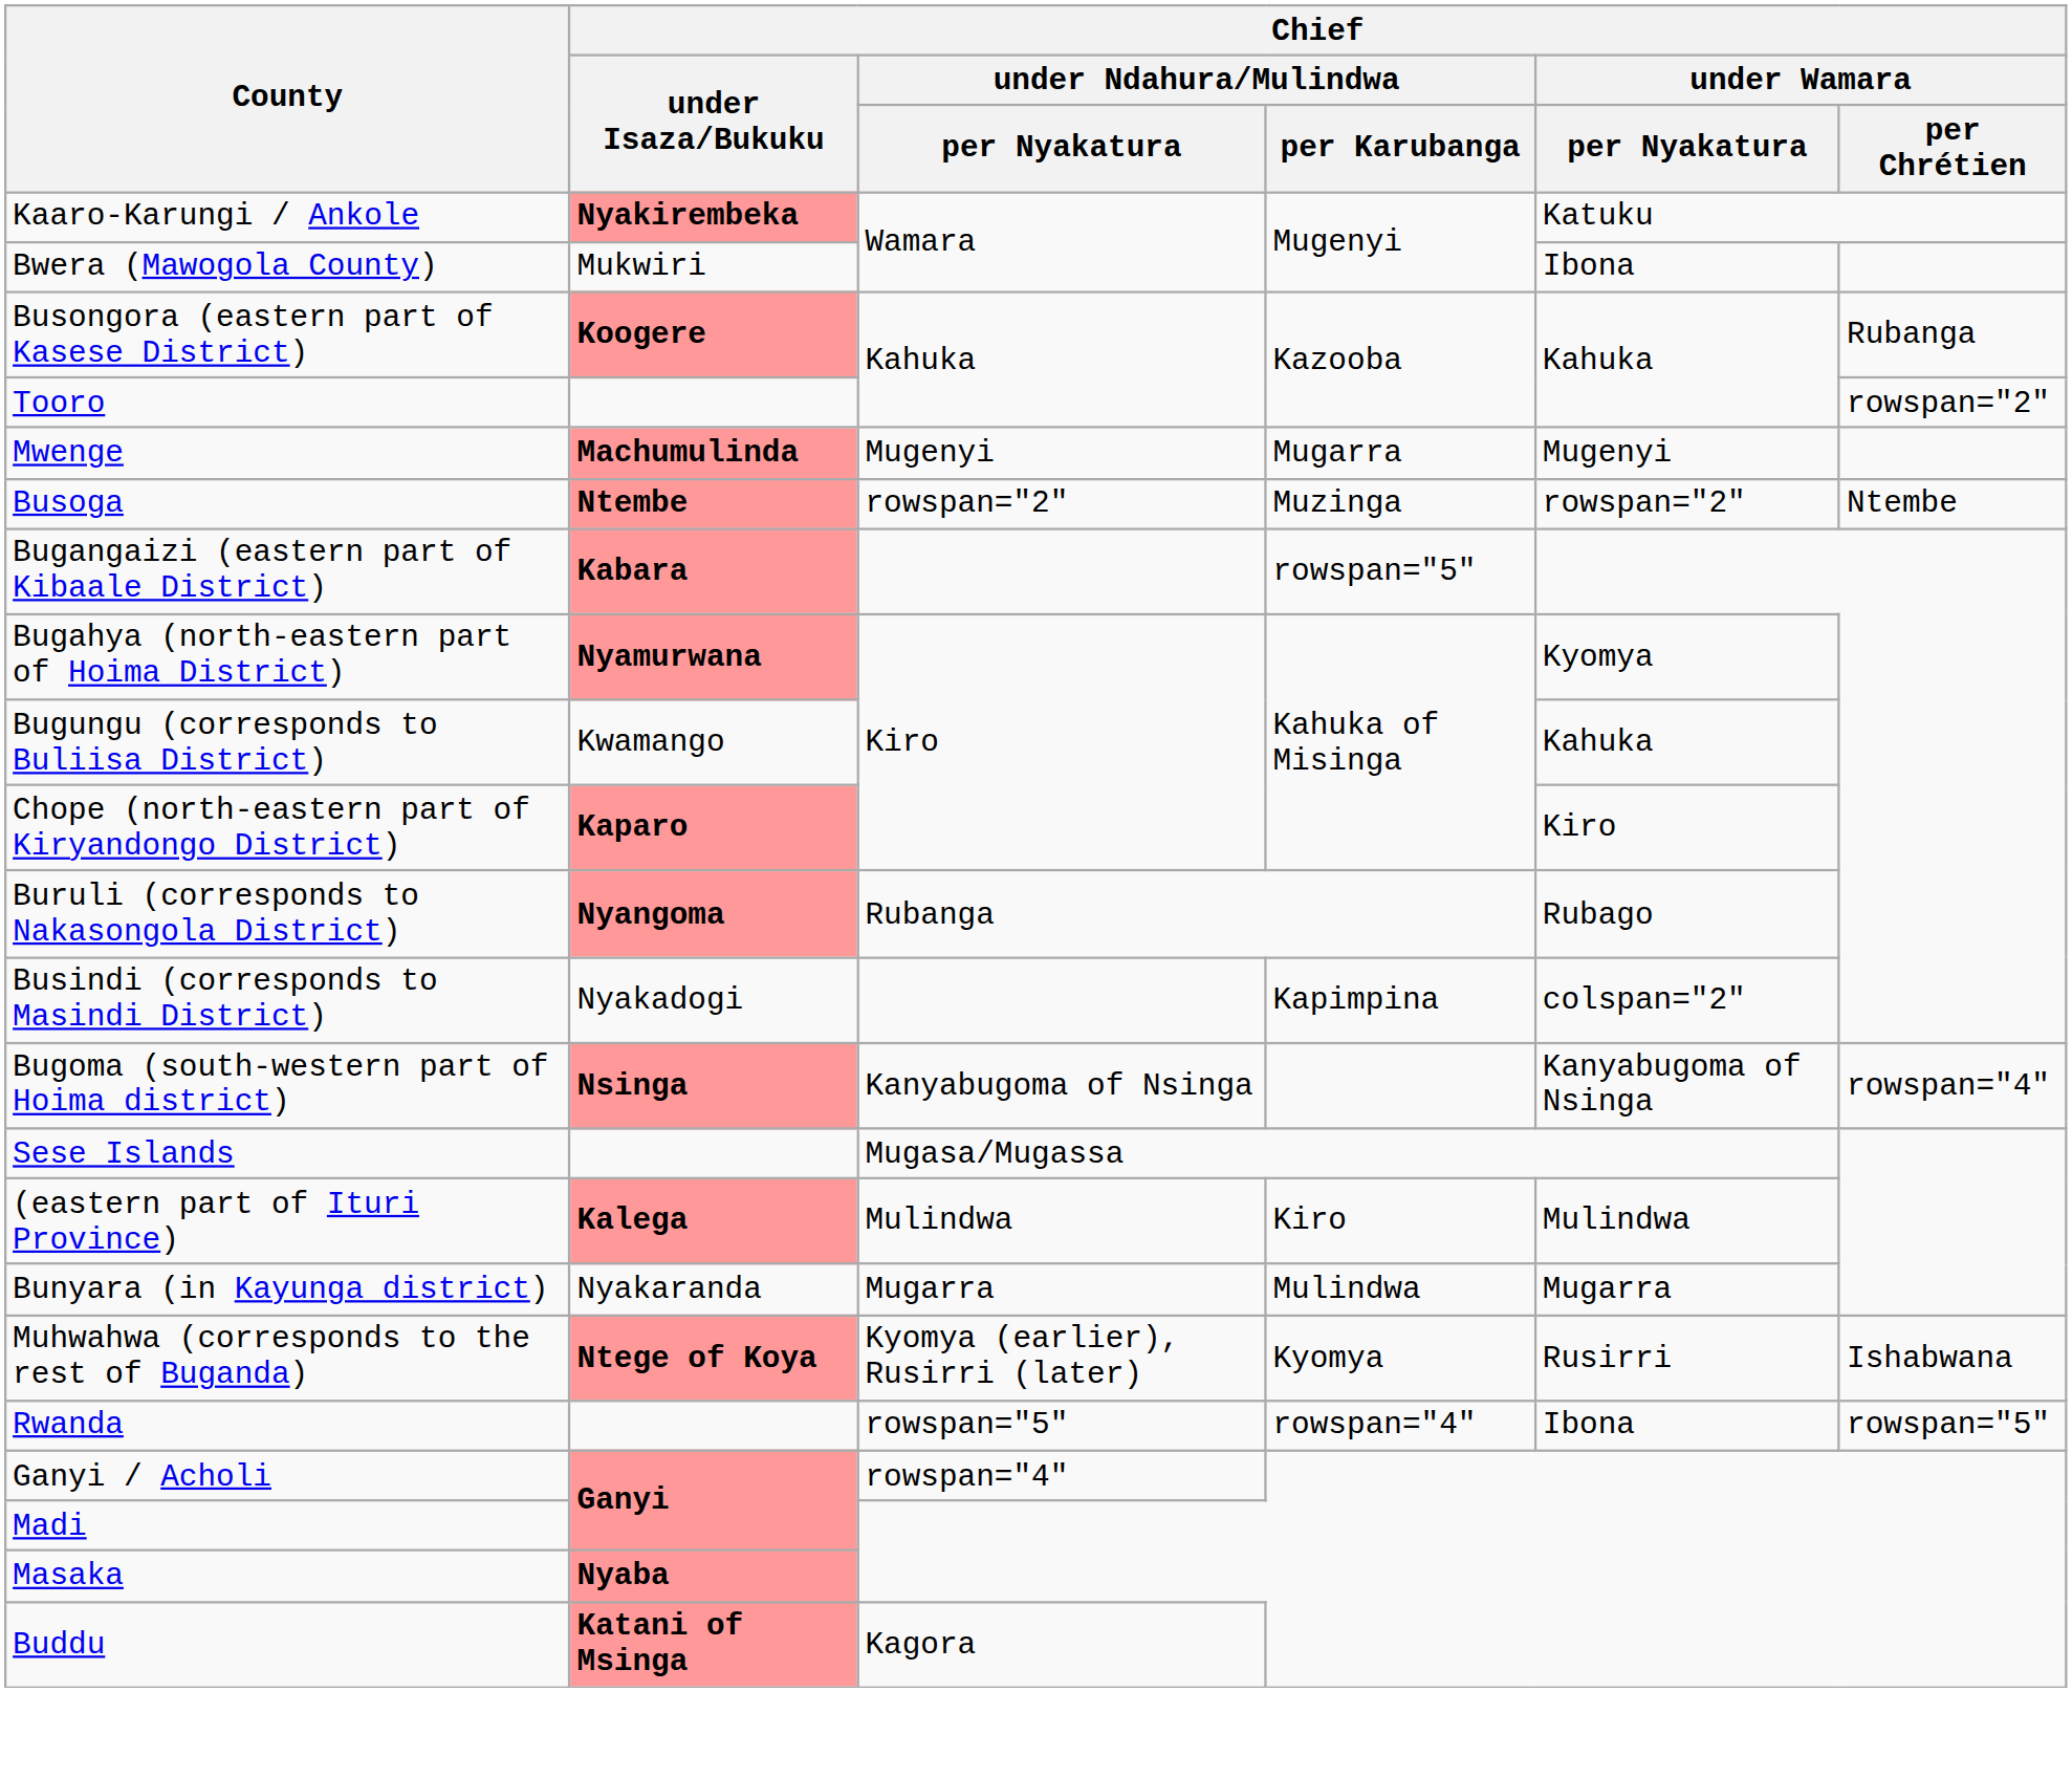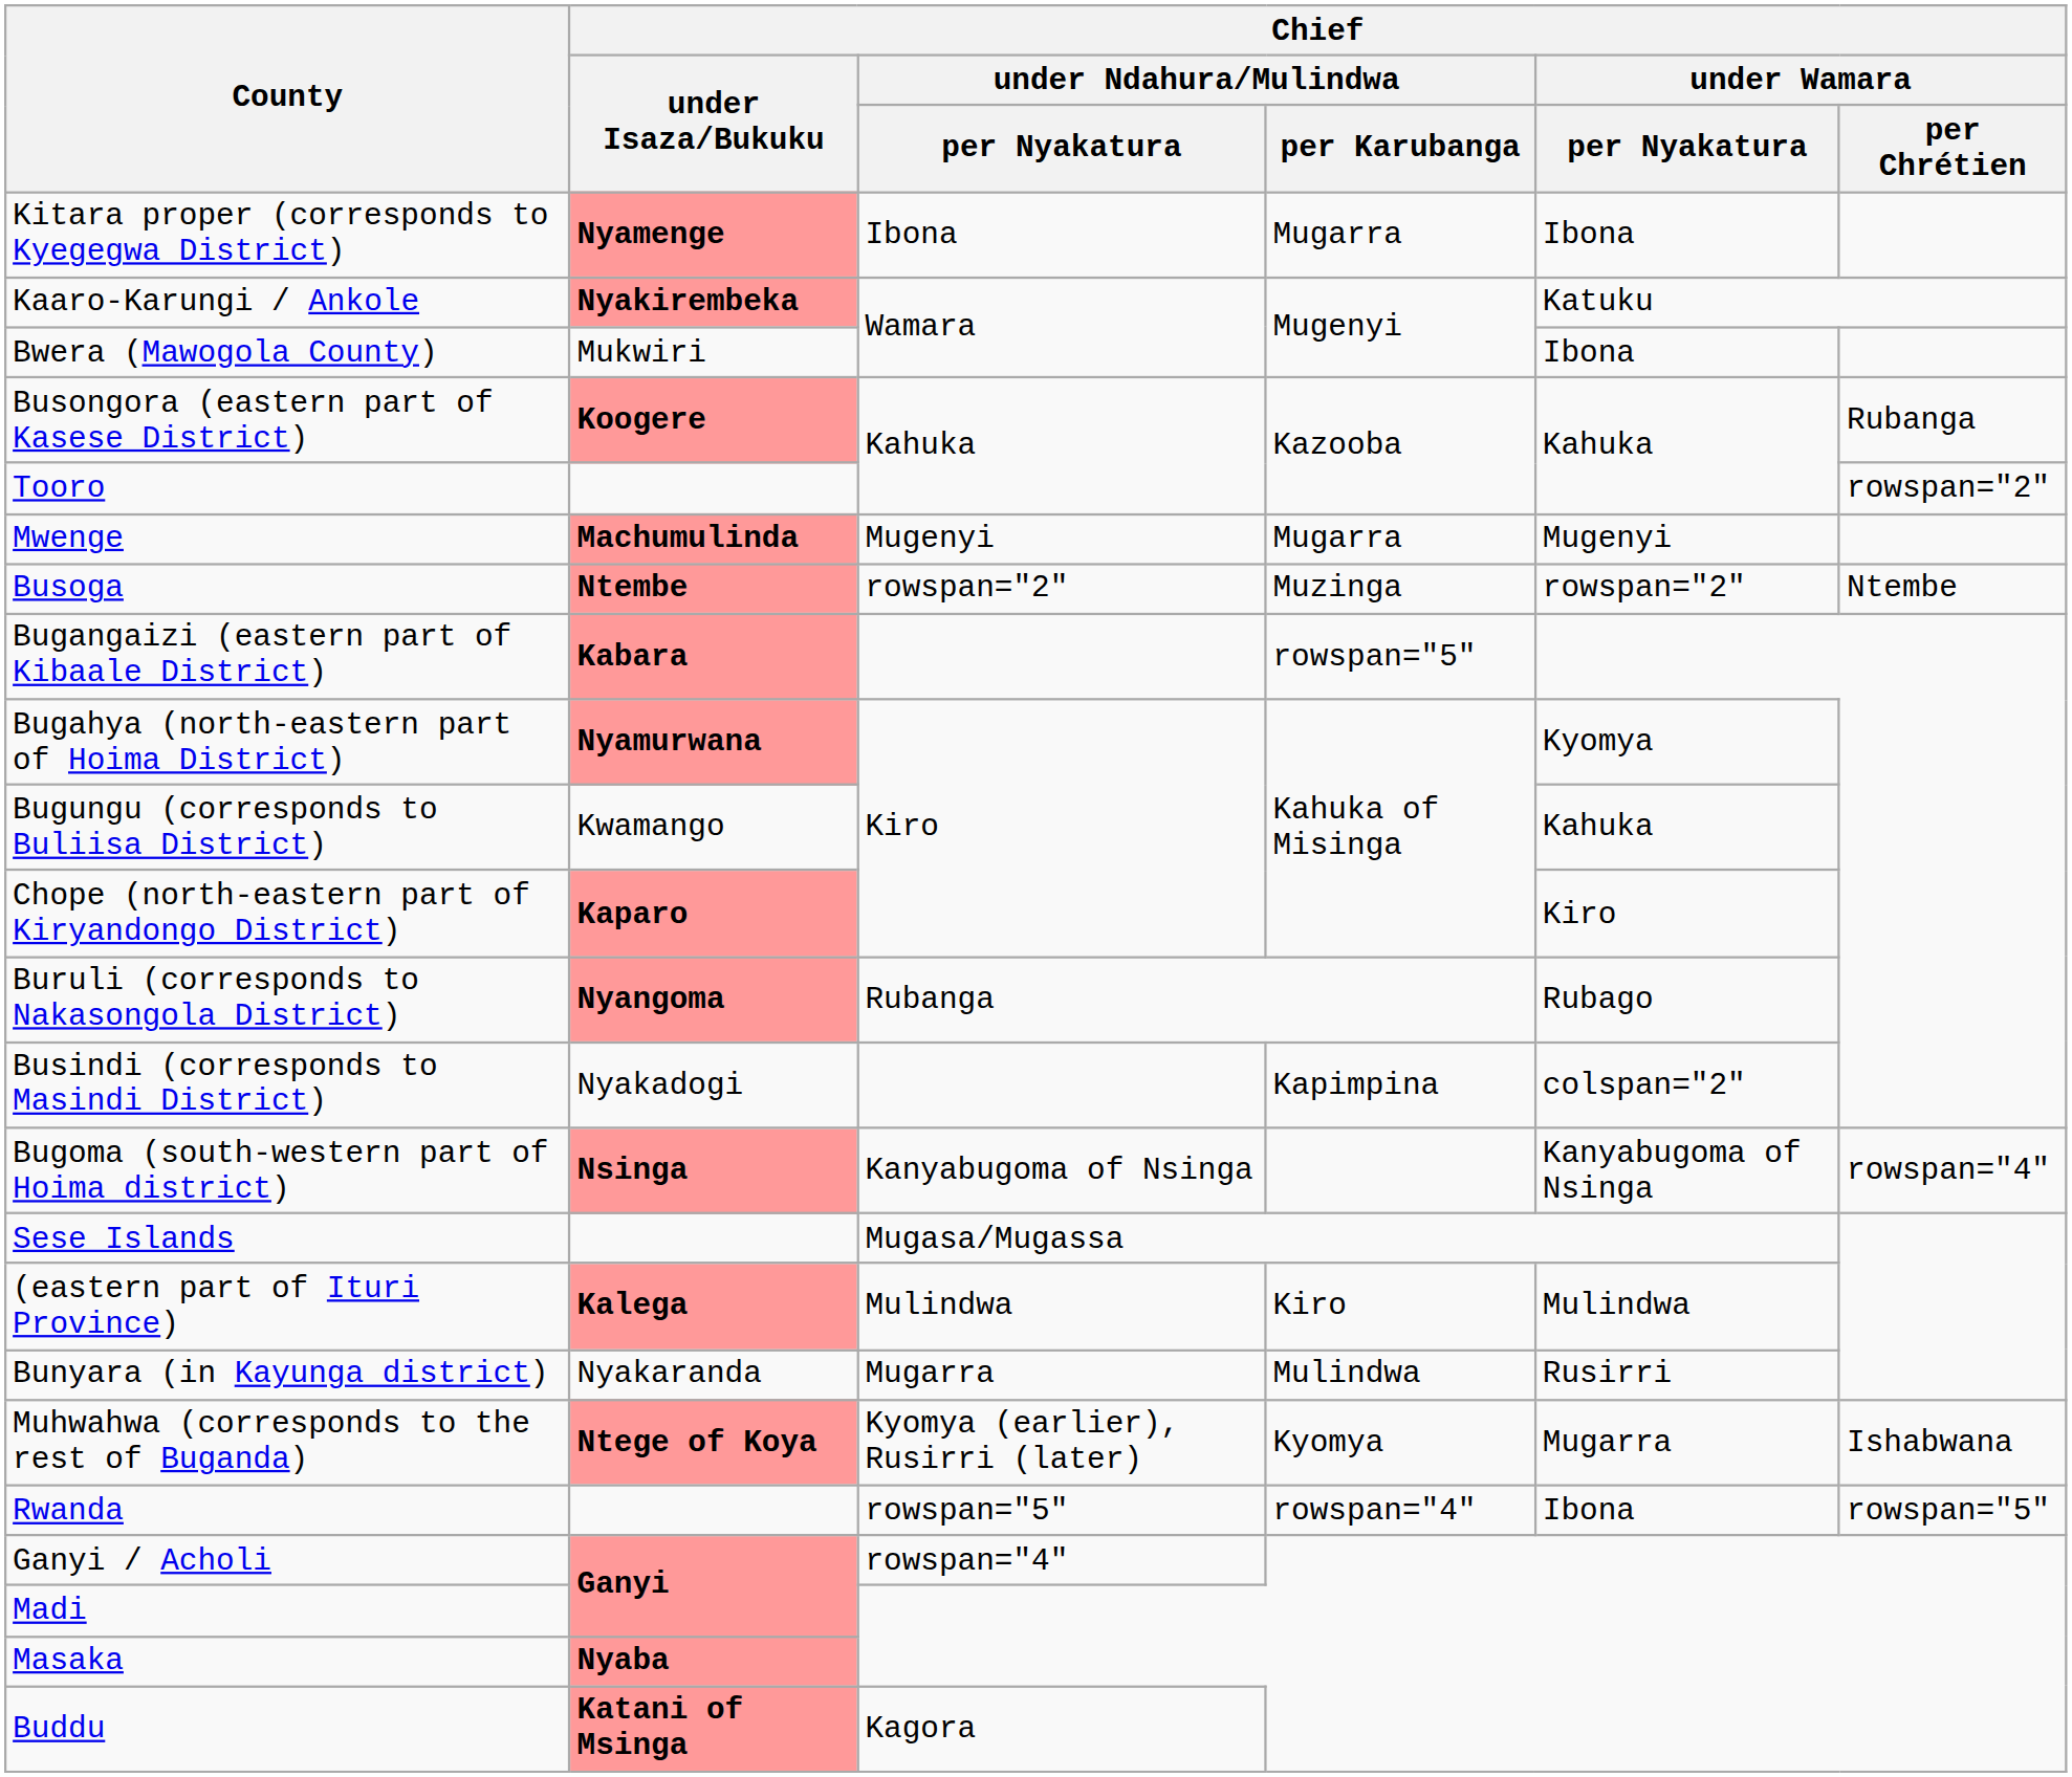 <table class="wikitable">
 <tr>
 <th rowspan="3">County</th>
 <th colspan="5">Chief</th>
 </tr>
 <tr>
 <th rowspan="2">under Isaza/Bukuku</th>
 <th colspan="2">under Ndahura/Mulindwa</th>
 <th colspan="2">under Wamara</th>
 </tr>
 <tr>
 <th>per Nyakatura</th>
 <th>per Karubanga</th>
 <th>per Nyakatura</th>
 <th>per Chrétien</th>
+</tr>
+<tr>
+<td>Kitara proper (corresponds to <a href='#'>Kyegegwa District</a>)</td>
+<td style="background:#f99;"><strong>Nyamenge</strong></td>
+<td>Ibona</td>
+<td>Mugarra</td>
+<td>Ibona</td>
+<td></td>
 </tr>
 <tr>
 <td>Kaaro-Karungi / <a href='#'>Ankole</a></td>
 <td style="background:#f99;"><strong>Nyakirembeka</strong></td>
 <td rowspan="2">Wamara</td>
 <td rowspan="2">Mugenyi</td>
 <td colspan="2">Katuku</td>
 </tr>
 <tr>
 <td>Bwera (<a href='#'>Mawogola County</a>)</td>
 <td>Mukwiri</td>
 <td>Ibona</td>
 <td></td>
 </tr>
 <tr>
 <td>Busongora (eastern part of <a href='#'>Kasese District</a>)</td>
 <td style="background:#f99;"><strong>Koogere</strong></td>
 <td rowspan="2">Kahuka</td>
 <td rowspan="2">Kazooba</td>
 <td rowspan="2">Kahuka</td>
 <td>Rubanga</td>
 </tr>
 <tr>
 <td><a href='#'>Tooro</a></td>
 <td></td>
 <td>rowspan="2" </td>
 </tr>
 <tr>
 <td><a href='#'>Mwenge</a></td>
 <td style="background:#f99;"><strong>Machumulinda</strong></td>
 <td>Mugenyi</td>
 <td>Mugarra</td>
 <td>Mugenyi</td>
 </tr>
 <tr>
 <td><a href='#'>Busoga</a></td>
 <td style="background:#f99;"><strong>Ntembe</strong></td>
 <td>rowspan="2" </td>
 <td>Muzinga</td>
 <td>rowspan="2" </td>
 <td>Ntembe</td>
 </tr>
 <tr>
 <td>Bugangaizi (eastern part of <a href='#'>Kibaale District</a>)</td>
 <td style="background:#f99;"><strong>Kabara</strong></td>
 <td></td>
 <td>rowspan="5" </td>
 </tr>
 <tr>
 <td>Bugahya (north-eastern part of <a href='#'>Hoima District</a>)</td>
 <td style="background:#f99;"><strong>Nyamurwana</strong></td>
 <td rowspan="3">Kiro</td>
 <td rowspan="3">Kahuka of Misinga</td>
 <td>Kyomya</td>
 </tr>
 <tr>
 <td>Bugungu (corresponds to <a href='#'>Buliisa District</a>)</td>
 <td>Kwamango</td>
 <td>Kahuka</td>
 </tr>
 <tr>
 <td>Chope (north-eastern part of <a href='#'>Kiryandongo District</a>)</td>
 <td style="background:#f99;"><strong>Kaparo</strong></td>
 <td>Kiro</td>
 </tr>
 <tr>
 <td>Buruli (corresponds to <a href='#'>Nakasongola District</a>)</td>
 <td style="background:#f99;"><strong>Nyangoma</strong></td>
 <td colspan="2">Rubanga</td>
 <td>Rubago</td>
 </tr>
 <tr>
 <td>Busindi (corresponds to <a href='#'>Masindi District</a>)</td>
 <td>Nyakadogi</td>
 <td></td>
 <td>Kapimpina</td>
 <td>colspan="2" </td>
 </tr>
 <tr>
 <td>Bugoma (south-western part of <a href='#'>Hoima district</a>)</td>
 <td style="background:#f99;"><strong>Nsinga</strong></td>
 <td>Kanyabugoma of Nsinga</td>
 <td></td>
 <td>Kanyabugoma of Nsinga</td>
 <td>rowspan="4" </td>
 </tr>
 <tr>
 <td><a href='#'>Sese Islands</a></td>
 <td></td>
 <td colspan="3">Mugasa/Mugassa</td>
 </tr>
 <tr>
 <td> (eastern part of <a href='#'>Ituri Province</a>)</td>
 <td style="background:#f99;"><strong>Kalega</strong></td>
 <td>Mulindwa</td>
 <td>Kiro</td>
 <td>Mulindwa</td>
 </tr>
 <tr>
 <td>Bunyara (in <a href='#'>Kayunga district</a>)</td>
 <td>Nyakaranda</td>
 <td>Mugarra</td>
 <td>Mulindwa</td>
-<td>Mugarra</td>
+<td>Rusirri</td>
 </tr>
 <tr>
 <td>Muhwahwa (corresponds to the rest of <a href='#'>Buganda</a>)</td>
 <td style="background:#f99;"><strong>Ntege of Koya</strong></td>
 <td>Kyomya (earlier), Rusirri (later)</td>
 <td>Kyomya</td>
-<td>Rusirri</td>
+<td>Mugarra</td>
 <td>Ishabwana</td>
 </tr>
 <tr>
 <td><a href='#'>Rwanda</a></td>
 <td></td>
 <td>rowspan="5" </td>
 <td>rowspan="4" </td>
 <td>Ibona</td>
 <td>rowspan="5" </td>
 </tr>
 <tr>
 <td>Ganyi / <a href='#'>Acholi</a></td>
 <td style="background:#f99;" rowspan="2"><strong>Ganyi</strong></td>
 <td>rowspan="4" </td>
 </tr>
 <tr>
 <td><a href='#'>Madi</a></td>
 </tr>
 <tr>
 <td><a href='#'>Masaka</a></td>
 <td style="background:#f99;"><strong>Nyaba</strong></td>
 </tr>
 <tr>
 <td><a href='#'>Buddu</a></td>
 <td style="background:#f99;"><strong>Katani of Msinga</strong></td>
 <td>Kagora</td>
 </tr>
 </table>
